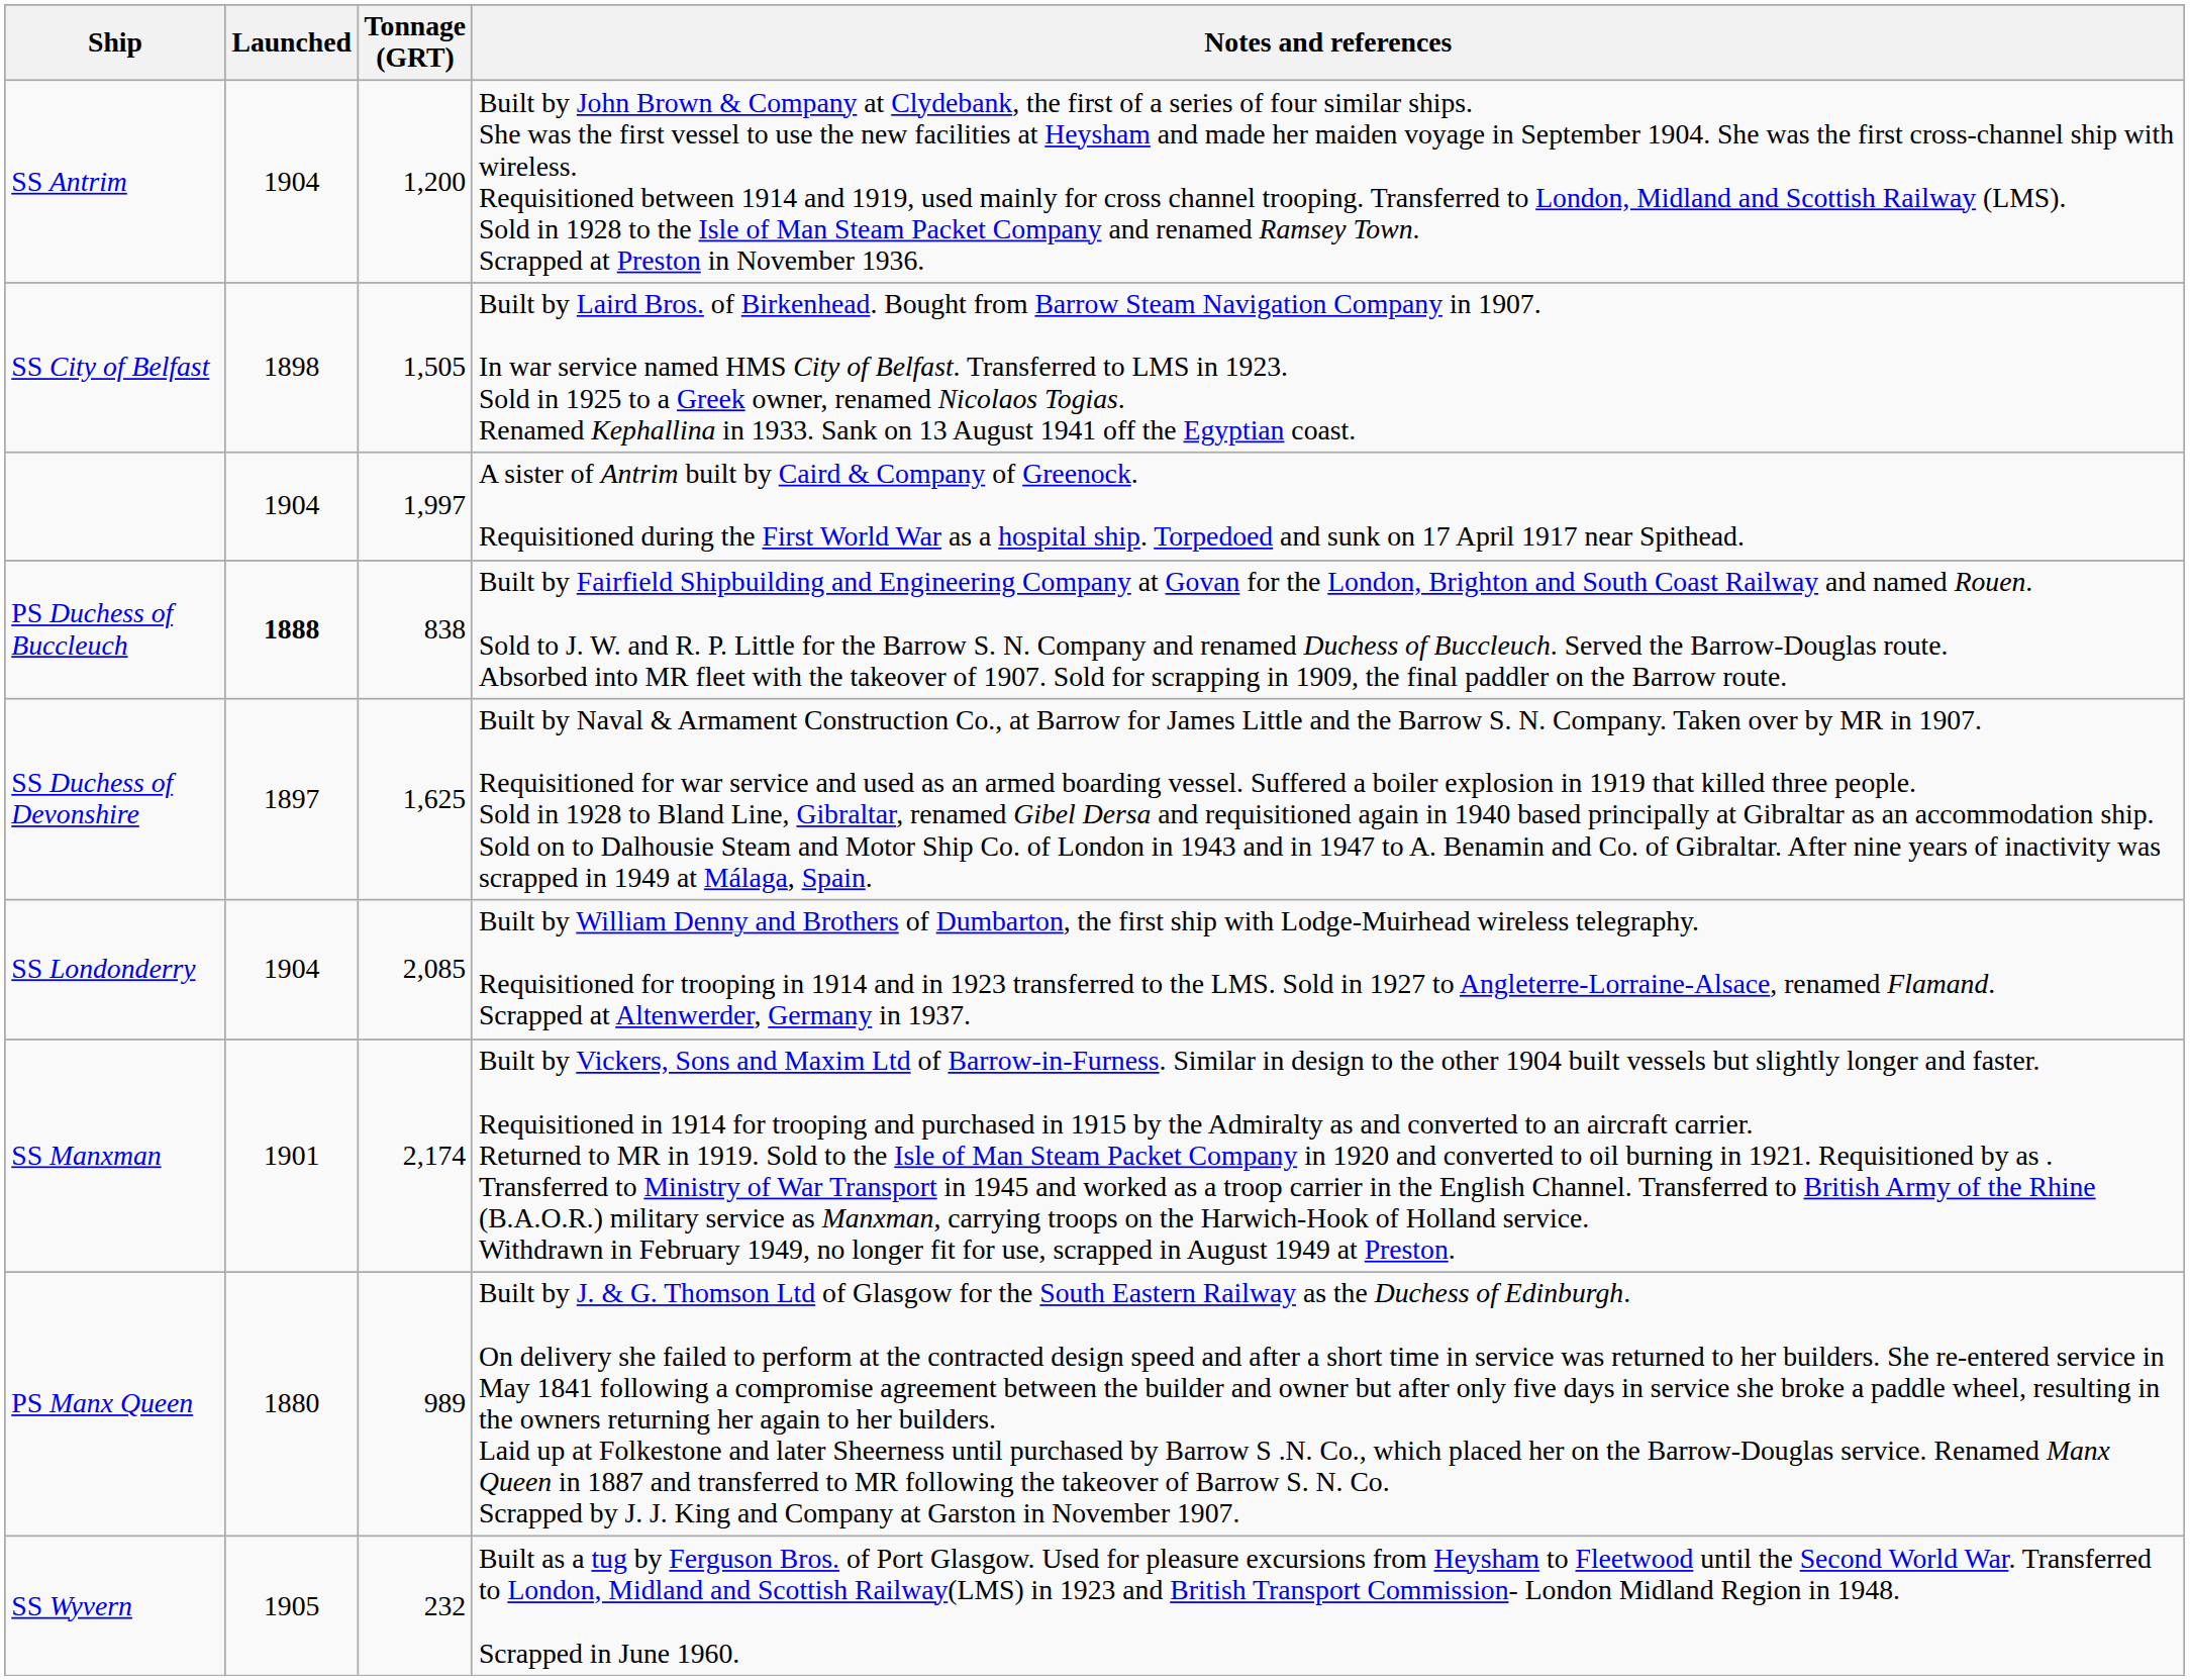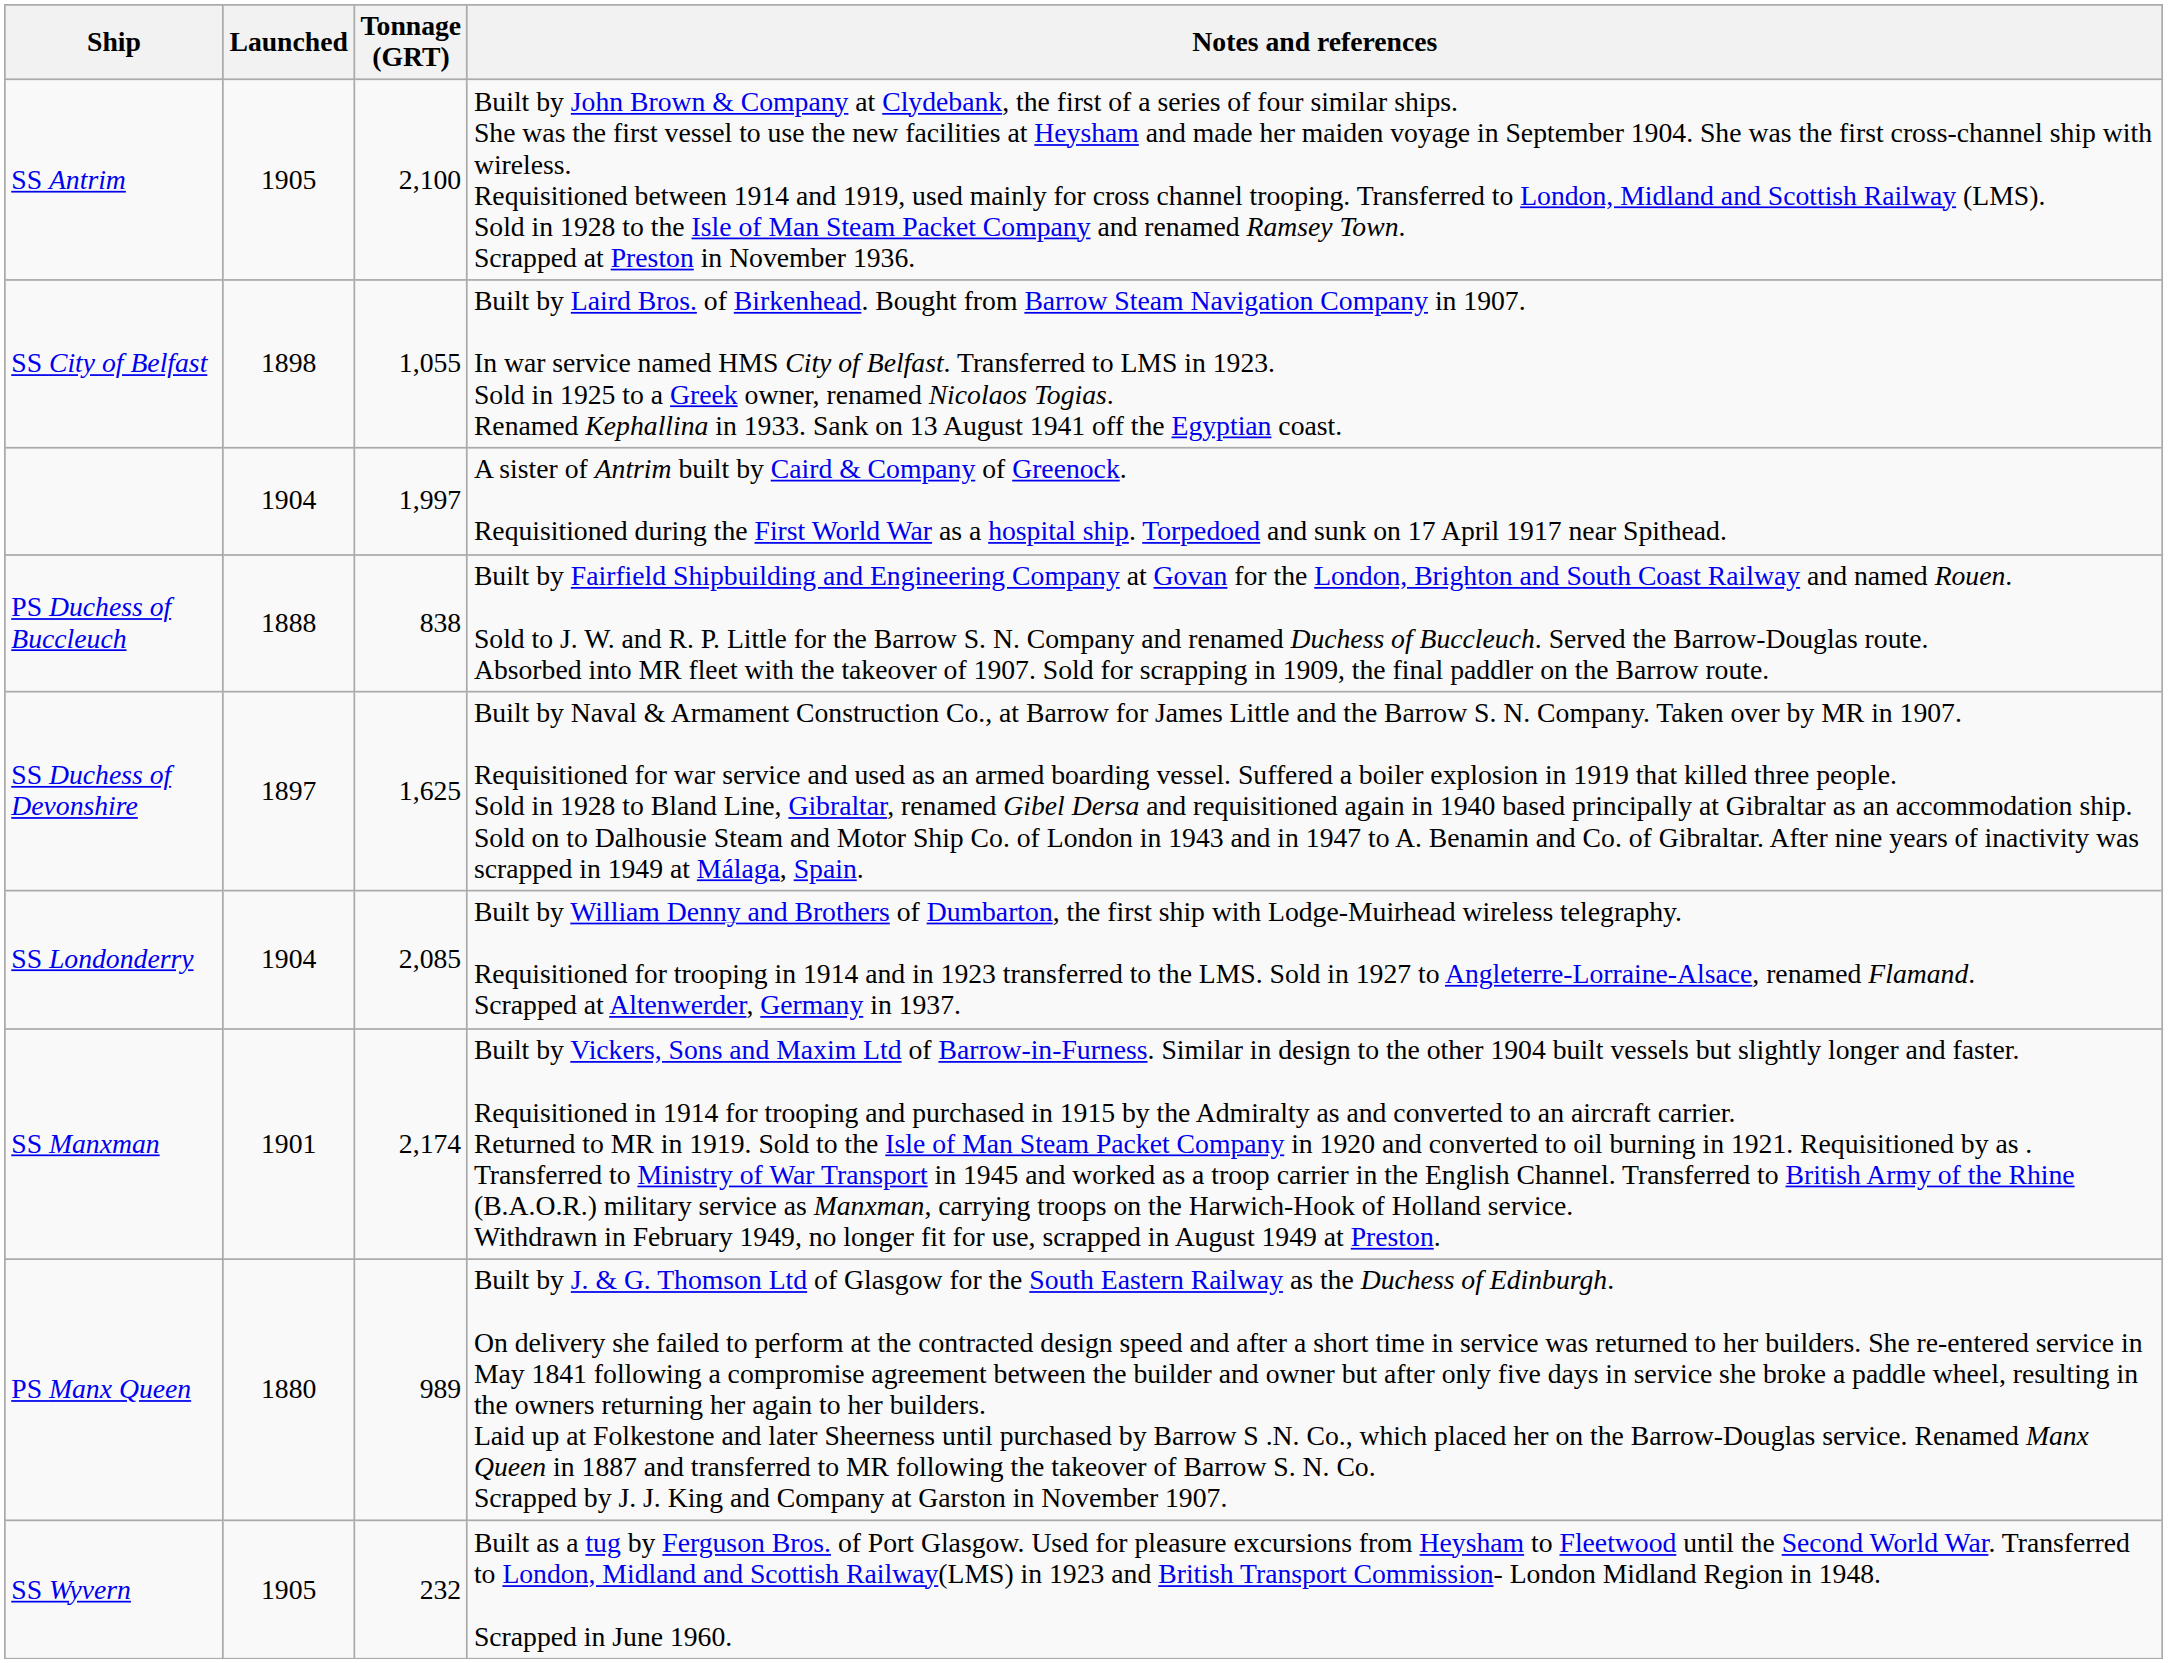 <table class="wikitable sortable">
 <tr>
 <th scope="col">Ship</th>
 <th scope="col">Launched</th>
 <th scope="col">Tonnage<br>(GRT)</th>
 <th scope="col">Notes and references</th>
 </tr>
 <tr>
 <td><a href='#'>SS <em>Antrim</em></a></td>
-<td align="center">1904</td>
-<td align="right">1,200</td>
+<td align="center">1905</td>
+<td align="right">2,100</td>
 <td>Built by <a href='#'>John Brown & Company</a> at <a href='#'>Clydebank</a>, the first of a series of four similar ships.<br>She was the first vessel to use the new facilities at <a href='#'>Heysham</a> and made her maiden voyage in September 1904. She was the first cross-channel ship with wireless.<br> Requisitioned between 1914 and 1919, used mainly for cross channel trooping. Transferred to <a href='#'>London, Midland and Scottish Railway</a> (LMS).<br>Sold in 1928 to the <a href='#'>Isle of Man Steam Packet Company</a> and renamed <em>Ramsey Town</em>.<br>Scrapped at <a href='#'>Preston</a> in November 1936.</td>
 </tr>
 <tr>
 <td><a href='#'>SS <em>City of Belfast</em></a></td>
 <td align="center">1898</td>
-<td align="right">1,505</td>
+<td align="right">1,055</td>
 <td>Built by <a href='#'>Laird Bros.</a> of <a href='#'>Birkenhead</a>. Bought from <a href='#'>Barrow Steam Navigation Company</a> in 1907.<br><br>In war service named HMS <em>City of Belfast</em>. Transferred to LMS in 1923.<br> Sold in 1925 to a <a href='#'>Greek</a> owner, renamed <em>Nicolaos Togias</em>.<br> Renamed <em>Kephallina</em> in 1933. Sank on 13 August 1941 off the <a href='#'>Egyptian</a> coast.</td>
 </tr>
 <tr>
 <td></td>
 <td align="center">1904</td>
 <td align="right">1,997</td>
 <td>A sister of <em>Antrim</em> built by <a href='#'>Caird & Company</a> of <a href='#'>Greenock</a>.<br><br>Requisitioned during the <a href='#'>First World War</a> as a <a href='#'>hospital ship</a>. <a href='#'>Torpedoed</a> and sunk on 17 April 1917 near Spithead.</td>
 </tr>
 <tr>
 <td><a href='#'>PS <em>Duchess of Buccleuch</em></a></td>
-<td align="center"><strong>1888</strong></td>
+<td align="center">1888</td>
 <td align="right">838</td>
 <td>Built by <a href='#'>Fairfield Shipbuilding and Engineering Company</a> at <a href='#'>Govan</a> for the <a href='#'>London, Brighton and South Coast Railway</a> and named <em>Rouen</em>.<br><br>Sold to J. W. and R. P. Little for the Barrow S. N. Company and renamed <em>Duchess of Buccleuch</em>. Served the Barrow-Douglas route.<br> Absorbed into MR fleet with the takeover of 1907. Sold for scrapping in 1909, the final paddler on the Barrow route.</td>
 </tr>
 <tr>
 <td><a href='#'>SS <em>Duchess of Devonshire</em></a></td>
 <td align="center">1897</td>
 <td align="right">1,625</td>
 <td>Built by Naval & Armament Construction Co., at Barrow for James Little and the Barrow S. N. Company. Taken over by MR in 1907.<br><br>Requisitioned for war service and used as an armed boarding vessel. Suffered a boiler explosion in 1919 that killed three people.<br> Sold in 1928 to Bland Line, <a href='#'>Gibraltar</a>, renamed <em>Gibel Dersa</em> and requisitioned again in 1940 based principally at Gibraltar as an accommodation ship.<br> Sold on to Dalhousie Steam and Motor Ship Co. of London in 1943 and in 1947 to A. Benamin and Co. of Gibraltar. After nine years of inactivity was scrapped in 1949 at <a href='#'>Málaga</a>, <a href='#'>Spain</a>.</td>
 </tr>
 <tr>
 <td><a href='#'>SS <em>Londonderry</em></a></td>
 <td align="center">1904</td>
 <td align="right">2,085</td>
 <td>Built by <a href='#'>William Denny and Brothers</a> of <a href='#'>Dumbarton</a>, the first ship with Lodge-Muirhead wireless telegraphy.<br><br>Requisitioned for trooping in 1914 and in 1923 transferred to the LMS. Sold in 1927 to <a href='#'>Angleterre-Lorraine-Alsace</a>, renamed <em>Flamand</em>.<br> Scrapped at <a href='#'>Altenwerder</a>, <a href='#'>Germany</a> in 1937.</td>
 </tr>
 <tr>
 <td><a href='#'>SS <em>Manxman</em></a></td>
 <td align="center">1901</td>
 <td align="right">2,174</td>
 <td>Built by <a href='#'>Vickers, Sons and Maxim Ltd</a> of <a href='#'>Barrow-in-Furness</a>. Similar in design to the other 1904 built vessels but slightly longer and faster.<br><br>Requisitioned in 1914 for trooping and purchased in 1915 by the Admiralty as  and converted to an aircraft carrier.<br> Returned to MR in 1919. Sold to the <a href='#'>Isle of Man Steam Packet Company</a> in 1920 and converted to oil burning in 1921. Requisitioned by  as .<br> Transferred to <a href='#'>Ministry of War Transport</a> in 1945 and worked as a troop carrier in the English Channel. Transferred to <a href='#'>British Army of the Rhine</a> (B.A.O.R.) military service as <em>Manxman</em>, carrying troops on the Harwich-Hook of Holland service.<br> Withdrawn in February 1949, no longer fit for use, scrapped in August 1949 at <a href='#'>Preston</a>.</td>
 </tr>
 <tr>
 <td><a href='#'>PS <em>Manx Queen</em></a></td>
 <td align="center">1880</td>
 <td align="right">989</td>
 <td>Built by <a href='#'>J. & G. Thomson Ltd</a> of Glasgow for the <a href='#'>South Eastern Railway</a> as the <em>Duchess of Edinburgh</em>.<br><br>On delivery she failed to perform at the contracted design speed and after a short time in service was returned to her builders. She re-entered service in May 1841 following a compromise agreement between the builder and owner but after only five days in service she broke a paddle wheel, resulting in the owners returning her again to her builders.<br> Laid up at Folkestone and later Sheerness until purchased by Barrow S .N. Co., which placed her on the Barrow-Douglas service. Renamed <em>Manx Queen</em> in 1887 and transferred to MR following the takeover of Barrow S. N. Co.<br> Scrapped by J. J. King and Company at Garston in November 1907.</td>
 </tr>
 <tr>
 <td><a href='#'>SS <em>Wyvern</em></a></td>
 <td align="center">1905</td>
 <td align="right">232</td>
 <td>Built as a <a href='#'>tug</a> by <a href='#'>Ferguson Bros.</a> of Port Glasgow. Used for pleasure excursions from <a href='#'>Heysham</a> to <a href='#'>Fleetwood</a> until the <a href='#'>Second World War</a>. Transferred to <a href='#'>London, Midland and Scottish Railway</a>(LMS) in 1923 and <a href='#'>British Transport Commission</a>- London Midland Region in 1948.<br><br>Scrapped in June 1960.</td>
 </tr>
 </table>
